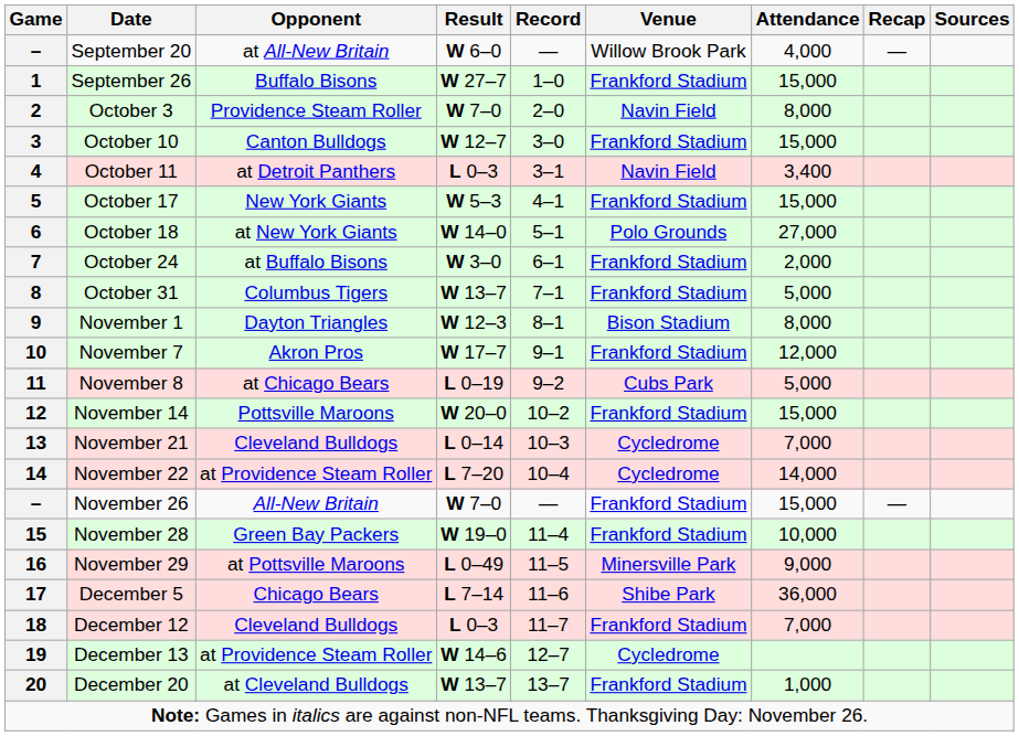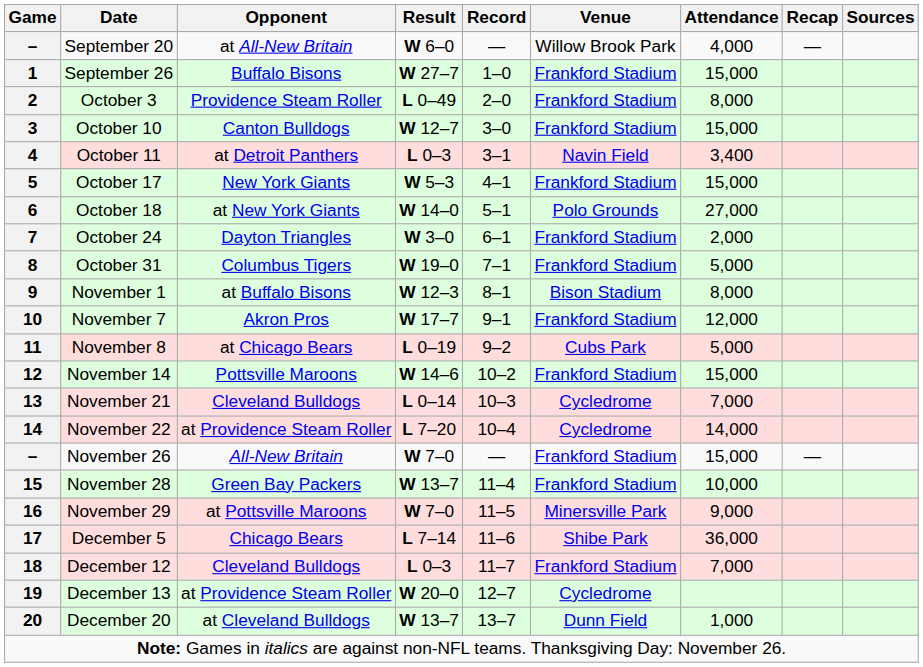 <table class="wikitable" style="text-align:center">
 <tr>
 <th>Game</th>
 <th>Date</th>
 <th>Opponent</th>
 <th>Result</th>
 <th>Record</th>
 <th>Venue</th>
 <th>Attendance</th>
 <th>Recap</th>
 <th>Sources</th>
 </tr>
 <tr>
 <th>–</th>
 <td>September 20</td>
 <td>at <em><a href='#'>All-New Britain</a></em></td>
 <td><strong>W</strong> 6–0</td>
 <td>—</td>
 <td>Willow Brook Park</td>
 <td>4,000 </td>
 <td>—</td>
 <td></td>
 </tr>
 <tr style="background: #ddffdd;">
 <th>1</th>
 <td>September 26</td>
 <td><a href='#'>Buffalo Bisons</a></td>
 <td><strong>W</strong> 27–7</td>
 <td>1–0</td>
 <td><a href='#'>Frankford Stadium</a></td>
 <td>15,000</td>
 <td></td>
 <td></td>
 </tr>
 <tr style="background: #ddffdd;">
 <th>2</th>
 <td>October 3</td>
 <td><a href='#'>Providence Steam Roller</a></td>
-<td><strong>W</strong> 7–0</td>
+<td><strong>L</strong> 0–49</td>
 <td>2–0</td>
-<td><a href='#'>Navin Field</a></td>
+<td><a href='#'>Frankford Stadium</a></td>
 <td>8,000</td>
 <td></td>
 <td></td>
 </tr>
 <tr style="background: #ddffdd;">
 <th>3</th>
 <td>October 10</td>
 <td><a href='#'>Canton Bulldogs</a></td>
 <td><strong>W</strong> 12–7</td>
 <td>3–0</td>
 <td><a href='#'>Frankford Stadium</a></td>
 <td>15,000</td>
 <td></td>
 <td></td>
 </tr>
 <tr style="background: #ffdddd;">
 <th>4</th>
 <td>October 11</td>
 <td>at <a href='#'>Detroit Panthers</a></td>
 <td><strong>L</strong> 0–3</td>
 <td>3–1</td>
 <td><a href='#'>Navin Field</a></td>
 <td>3,400</td>
 <td></td>
 <td></td>
 </tr>
 <tr style="background: #ddffdd;">
 <th>5</th>
 <td>October 17</td>
 <td><a href='#'>New York Giants</a></td>
 <td><strong>W</strong> 5–3</td>
 <td>4–1</td>
 <td><a href='#'>Frankford Stadium</a></td>
 <td>15,000</td>
 <td></td>
 <td></td>
 </tr>
 <tr style="background: #ddffdd;">
 <th>6</th>
 <td>October 18</td>
 <td>at <a href='#'>New York Giants</a></td>
 <td><strong>W</strong> 14–0</td>
 <td>5–1</td>
 <td><a href='#'>Polo Grounds</a></td>
 <td>27,000</td>
 <td></td>
 <td></td>
 </tr>
 <tr style="background: #ddffdd;">
 <th>7</th>
 <td>October 24</td>
-<td>at <a href='#'>Buffalo Bisons</a></td>
+<td><a href='#'>Dayton Triangles</a></td>
 <td><strong>W</strong> 3–0</td>
 <td>6–1</td>
 <td><a href='#'>Frankford Stadium</a></td>
 <td>2,000</td>
 <td></td>
 <td></td>
 </tr>
 <tr style="background: #ddffdd;">
 <th>8</th>
 <td>October 31</td>
 <td><a href='#'>Columbus Tigers</a></td>
-<td><strong>W</strong> 13–7</td>
+<td><strong>W</strong> 19–0</td>
 <td>7–1</td>
 <td><a href='#'>Frankford Stadium</a></td>
 <td>5,000</td>
 <td></td>
 <td></td>
 </tr>
 <tr style="background: #ddffdd;">
 <th>9</th>
 <td>November 1</td>
-<td><a href='#'>Dayton Triangles</a></td>
+<td>at <a href='#'>Buffalo Bisons</a></td>
 <td><strong>W</strong> 12–3</td>
 <td>8–1</td>
 <td><a href='#'>Bison Stadium</a></td>
 <td>8,000</td>
 <td></td>
 <td></td>
 </tr>
 <tr style="background: #ddffdd;">
 <th>10</th>
 <td>November 7</td>
 <td><a href='#'>Akron Pros</a></td>
 <td><strong>W</strong> 17–7</td>
 <td>9–1</td>
 <td><a href='#'>Frankford Stadium</a></td>
 <td>12,000</td>
 <td></td>
 <td></td>
 </tr>
 <tr style="background: #ffdddd;">
 <th>11</th>
 <td>November 8</td>
 <td>at <a href='#'>Chicago Bears</a></td>
 <td><strong>L</strong> 0–19</td>
 <td>9–2</td>
 <td><a href='#'>Cubs Park</a></td>
 <td>5,000</td>
 <td></td>
 <td></td>
 </tr>
 <tr style="background: #ddffdd;">
 <th>12</th>
 <td>November 14</td>
 <td><a href='#'>Pottsville Maroons</a></td>
-<td><strong>W</strong> 20–0</td>
+<td><strong>W</strong> 14–6</td>
 <td>10–2</td>
 <td><a href='#'>Frankford Stadium</a></td>
 <td>15,000</td>
 <td></td>
 <td></td>
 </tr>
 <tr style="background: #ffdddd;">
 <th>13</th>
 <td>November 21</td>
 <td><a href='#'>Cleveland Bulldogs</a></td>
 <td><strong>L</strong> 0–14</td>
 <td>10–3</td>
 <td><a href='#'>Cycledrome</a></td>
 <td>7,000</td>
 <td></td>
 <td></td>
 </tr>
 <tr style="background: #ffdddd;">
 <th>14</th>
 <td>November 22</td>
 <td>at <a href='#'>Providence Steam Roller</a></td>
 <td><strong>L</strong> 7–20</td>
 <td>10–4</td>
 <td><a href='#'>Cycledrome</a></td>
 <td>14,000</td>
 <td></td>
 <td></td>
 </tr>
 <tr>
 <th>–</th>
 <td>November 26</td>
 <td><em><a href='#'>All-New Britain</a></em></td>
 <td><strong>W</strong> 7–0</td>
 <td>—</td>
 <td><a href='#'>Frankford Stadium</a></td>
 <td>15,000</td>
 <td>—</td>
 <td></td>
 </tr>
 <tr style="background: #ddffdd;">
 <th>15</th>
 <td>November 28</td>
 <td><a href='#'>Green Bay Packers</a></td>
-<td><strong>W</strong> 19–0</td>
+<td><strong>W</strong> 13–7</td>
 <td>11–4</td>
 <td><a href='#'>Frankford Stadium</a></td>
 <td>10,000</td>
 <td></td>
 <td></td>
 </tr>
 <tr style="background: #ffdddd;">
 <th>16</th>
 <td>November 29</td>
 <td>at <a href='#'>Pottsville Maroons</a></td>
-<td><strong>L</strong> 0–49</td>
+<td><strong>W</strong> 7–0</td>
 <td>11–5</td>
 <td><a href='#'>Minersville Park</a></td>
 <td>9,000</td>
 <td></td>
 <td></td>
 </tr>
 <tr style="background: #ffdddd;">
 <th>17</th>
 <td>December 5</td>
 <td><a href='#'>Chicago Bears</a></td>
 <td><strong>L</strong> 7–14</td>
 <td>11–6</td>
 <td><a href='#'>Shibe Park</a></td>
 <td>36,000</td>
 <td></td>
 <td></td>
 </tr>
 <tr style="background: #ffdddd;">
 <th>18</th>
 <td>December 12</td>
 <td><a href='#'>Cleveland Bulldogs</a></td>
 <td><strong>L</strong> 0–3</td>
 <td>11–7</td>
 <td><a href='#'>Frankford Stadium</a></td>
 <td>7,000</td>
 <td></td>
 <td></td>
 </tr>
 <tr style="background: #ddffdd;">
 <th>19</th>
 <td>December 13</td>
 <td>at <a href='#'>Providence Steam Roller</a></td>
-<td><strong>W</strong> 14–6</td>
+<td><strong>W</strong> 20–0</td>
 <td>12–7</td>
 <td><a href='#'>Cycledrome</a></td>
 <td></td>
 <td></td>
 <td></td>
 </tr>
 <tr style="background: #ddffdd;">
 <th>20</th>
 <td>December 20</td>
 <td>at <a href='#'>Cleveland Bulldogs</a></td>
 <td><strong>W</strong> 13–7</td>
 <td>13–7</td>
-<td><a href='#'>Frankford Stadium</a></td>
+<td><a href='#'>Dunn Field</a></td>
 <td>1,000</td>
 <td></td>
 <td></td>
 </tr>
 <tr>
 <td colspan="10"><strong>Note:</strong> Games in <em>italics</em> are against non-NFL teams. Thanksgiving Day: November 26.</td>
 </tr>
 </table>
